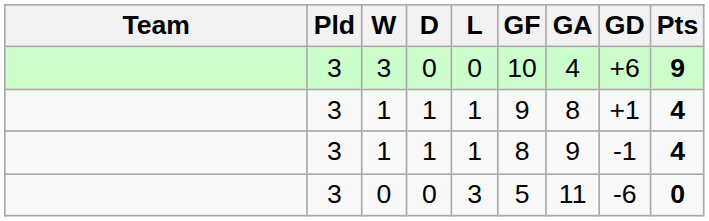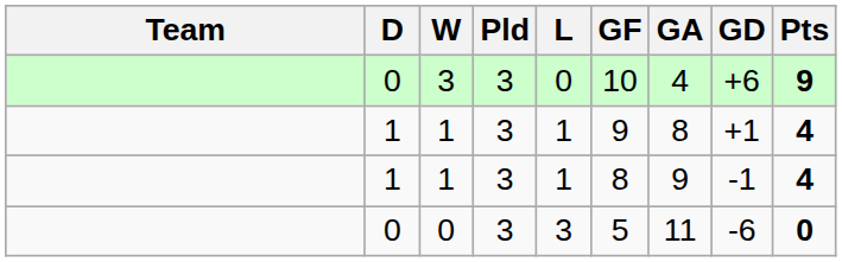 <table class="wikitable" style="text-align: center;">
 <tr>
 <th style="width:175px;">Team</th>
+<th width="20">D</th>
+<th width="20">W</th>
 <th width="20">Pld</th>
-<th width="20">W</th>
-<th width="20">D</th>
 <th width="20">L</th>
 <th width="20">GF</th>
 <th width="20">GA</th>
 <th width="20">GD</th>
 <th width="20">Pts</th>
 </tr>
 <tr style="background:#cfc;">
 <td style="text-align:left;"></td>
+<td>0</td>
 <td>3</td>
 <td>3</td>
-<td>0</td>
 <td>0</td>
 <td>10</td>
 <td>4</td>
 <td>+6</td>
 <td><strong>9</strong></td>
 </tr>
 <tr align=center>
 <td style="text-align:left;"></td>
-<td>3</td>
 <td>1</td>
 <td>1</td>
+<td>3</td>
 <td>1</td>
 <td>9</td>
 <td>8</td>
 <td>+1</td>
 <td><strong>4</strong></td>
 </tr>
 <tr align=center>
 <td style="text-align:left;"></td>
-<td>3</td>
 <td>1</td>
 <td>1</td>
+<td>3</td>
 <td>1</td>
 <td>8</td>
 <td>9</td>
 <td>-1</td>
 <td><strong>4</strong></td>
 </tr>
 <tr align=center>
 <td style="text-align:left;"></td>
-<td>3</td>
 <td>0</td>
 <td>0</td>
+<td>3</td>
 <td>3</td>
 <td>5</td>
 <td>11</td>
 <td>-6</td>
 <td><strong>0</strong></td>
 </tr>
 </table>
